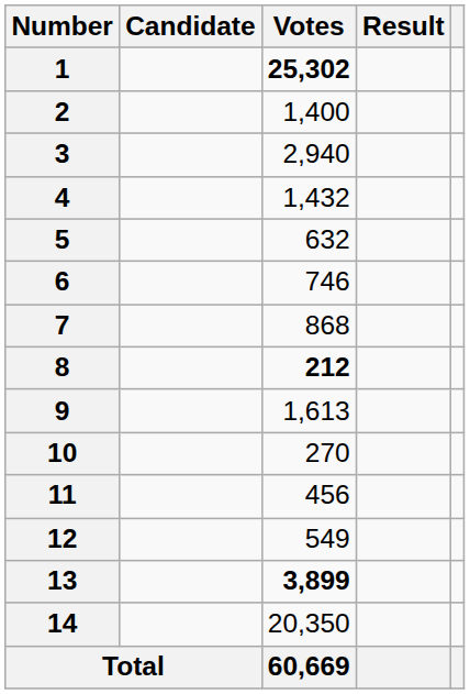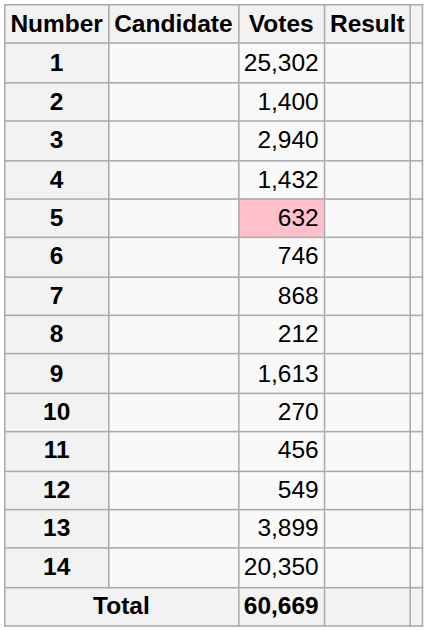 <table class="wikitable sortable">
 <tr>
 <th scope="col">Number</th>
 <th scope="col">Candidate</th>
 <th scope="col">Votes</th>
 <th scope="col">Result</th>
 <th scope="col" class="unsortable"></th>
 </tr>
 <tr>
 <th scope="row">1</th>
 <td></td>
-<td style="text-align:right"><strong>25,302</strong></td>
+<td style="text-align:right">25,302</td>
 <td></td>
 <td></td>
 </tr>
 <tr>
 <th scope="row">2</th>
 <td></td>
 <td style="text-align:right">1,400</td>
 <td></td>
 <td></td>
 </tr>
 <tr>
 <th scope="row">3</th>
 <td></td>
 <td style="text-align:right">2,940</td>
 <td></td>
 <td></td>
 </tr>
 <tr>
 <th scope="row">4</th>
 <td></td>
 <td style="text-align:right">1,432</td>
 <td></td>
 <td></td>
 </tr>
 <tr>
 <th scope="row">5</th>
 <td></td>
-<td style="text-align:right">632</td>
+<td style="background: pink; text-align:right">632</td>
 <td></td>
 <td></td>
 </tr>
 <tr>
 <th scope="row">6</th>
 <td></td>
 <td style="text-align:right">746</td>
 <td></td>
 <td></td>
 </tr>
 <tr>
 <th scope="row">7</th>
 <td></td>
 <td style="text-align:right">868</td>
 <td></td>
 <td></td>
 </tr>
 <tr>
 <th scope="row">8</th>
 <td></td>
-<td style="text-align:right"><strong>212</strong></td>
+<td style="text-align:right">212</td>
 <td></td>
 <td></td>
 </tr>
 <tr>
 <th scope="row">9</th>
 <td></td>
 <td style="text-align:right">1,613</td>
 <td></td>
 <td></td>
 </tr>
 <tr>
 <th scope="row">10</th>
 <td></td>
 <td style="text-align:right">270</td>
 <td></td>
 <td></td>
 </tr>
 <tr>
 <th scope="row">11</th>
 <td></td>
 <td style="text-align:right">456</td>
 <td></td>
 <td></td>
 </tr>
 <tr>
 <th scope="row">12</th>
 <td></td>
 <td style="text-align:right">549</td>
 <td></td>
 <td></td>
 </tr>
 <tr>
 <th scope="row">13</th>
 <td></td>
-<td style="text-align:right"><strong>3,899</strong></td>
+<td style="text-align:right">3,899</td>
 <td></td>
 <td></td>
 </tr>
 <tr>
 <th scope="row">14</th>
 <td></td>
 <td style="text-align:right">20,350</td>
 <td></td>
 <td></td>
 </tr>
 <tr class="sortbottom">
 <th scope="row" colspan="2">Total</th>
 <th style="text-align:right">60,669</th>
 <th></th>
 <th></th>
 </tr>
 </table>
